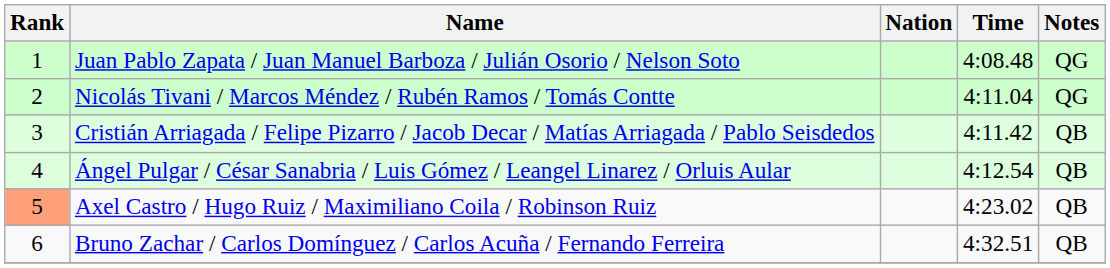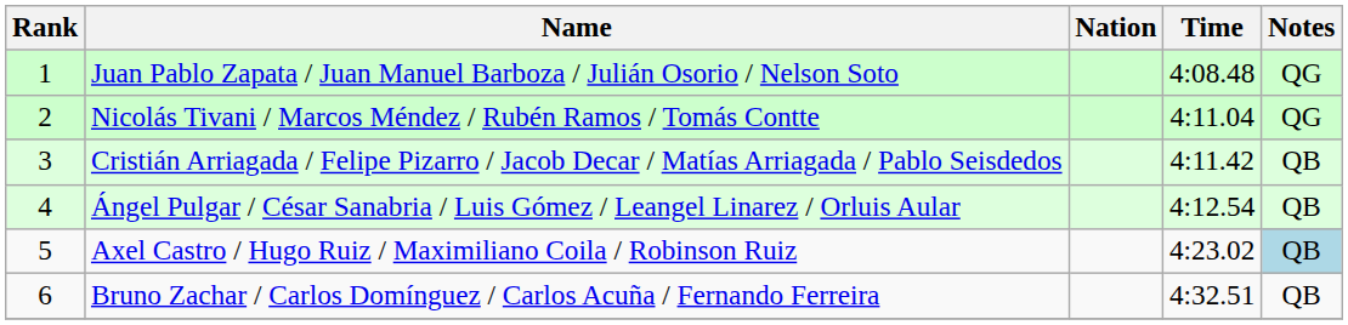 <table class="wikitable" style="text-align:center">
 <tr>
 <th>Rank</th>
 <th>Name</th>
 <th>Nation</th>
 <th>Time</th>
 <th>Notes</th>
 </tr>
 <tr bgcolor=ccffcc>
 <td>1</td>
 <td align=left><a href='#'>Juan Pablo Zapata</a> / <a href='#'>Juan Manuel Barboza</a> / <a href='#'>Julián Osorio</a> / <a href='#'>Nelson Soto</a></td>
 <td align=left></td>
 <td>4:08.48</td>
 <td>QG</td>
 </tr>
 <tr bgcolor=ccffcc>
 <td>2</td>
 <td align=left><a href='#'>Nicolás Tivani</a> / <a href='#'>Marcos Méndez</a> / <a href='#'>Rubén Ramos</a> / <a href='#'>Tomás Contte</a></td>
 <td align=left></td>
 <td>4:11.04</td>
 <td>QG</td>
 </tr>
 <tr bgcolor=ddffdd>
 <td>3</td>
 <td align=left><a href='#'>Cristián Arriagada</a> / <a href='#'>Felipe Pizarro</a> / <a href='#'>Jacob Decar</a> / <a href='#'>Matías Arriagada</a> / <a href='#'>Pablo Seisdedos</a></td>
 <td align=left></td>
 <td>4:11.42</td>
 <td>QB</td>
 </tr>
 <tr bgcolor=ddffdd>
 <td>4</td>
 <td align=left><a href='#'>Ángel Pulgar</a> / <a href='#'>César Sanabria</a> / <a href='#'>Luis Gómez</a> / <a href='#'>Leangel Linarez</a> / <a href='#'>Orluis Aular</a></td>
 <td align=left></td>
 <td>4:12.54</td>
 <td>QB</td>
 </tr>
 <tr>
-<td style="background: lightsalmon;">5</td>
+<td>5</td>
 <td align=left><a href='#'>Axel Castro</a> / <a href='#'>Hugo Ruiz</a> / <a href='#'>Maximiliano Coila</a> / <a href='#'>Robinson Ruiz</a></td>
 <td align=left></td>
 <td>4:23.02</td>
-<td>QB</td>
+<td style="background: lightblue;">QB</td>
 </tr>
 <tr>
 <td>6</td>
 <td align=left><a href='#'>Bruno Zachar</a> / <a href='#'>Carlos Domínguez</a> / <a href='#'>Carlos Acuña</a> / <a href='#'>Fernando Ferreira</a></td>
 <td align=left></td>
 <td>4:32.51</td>
 <td>QB</td>
 </tr>
 <tr>
 </tr>
 </table>
